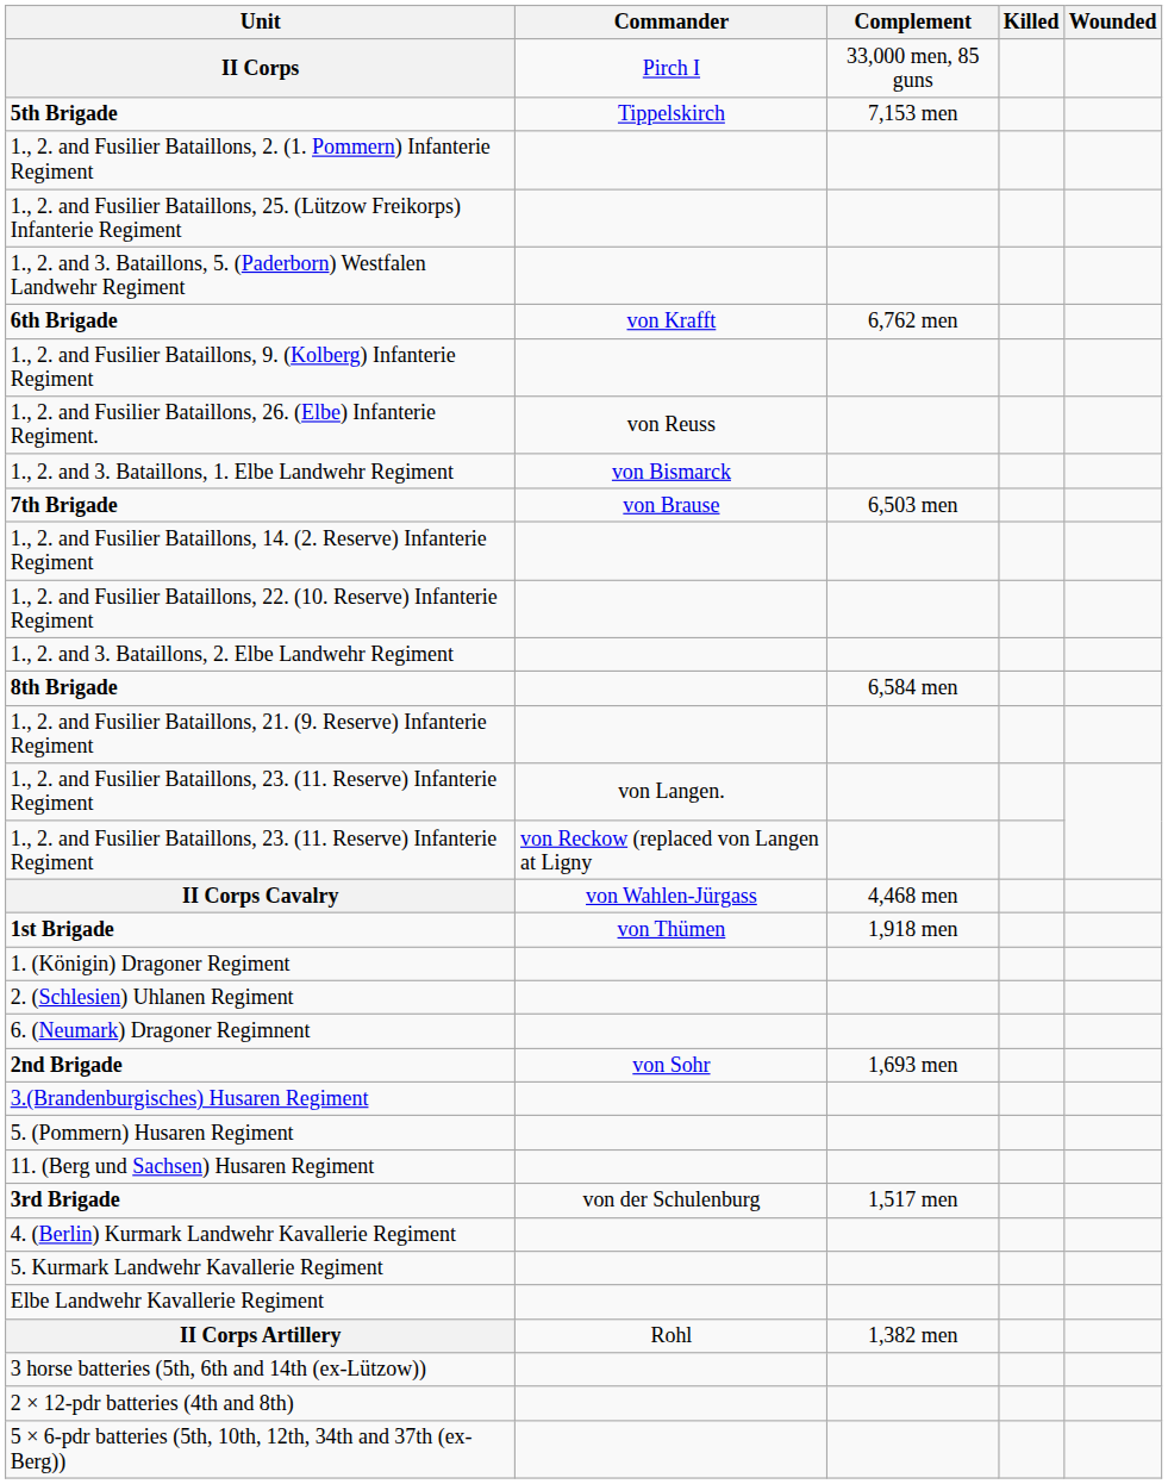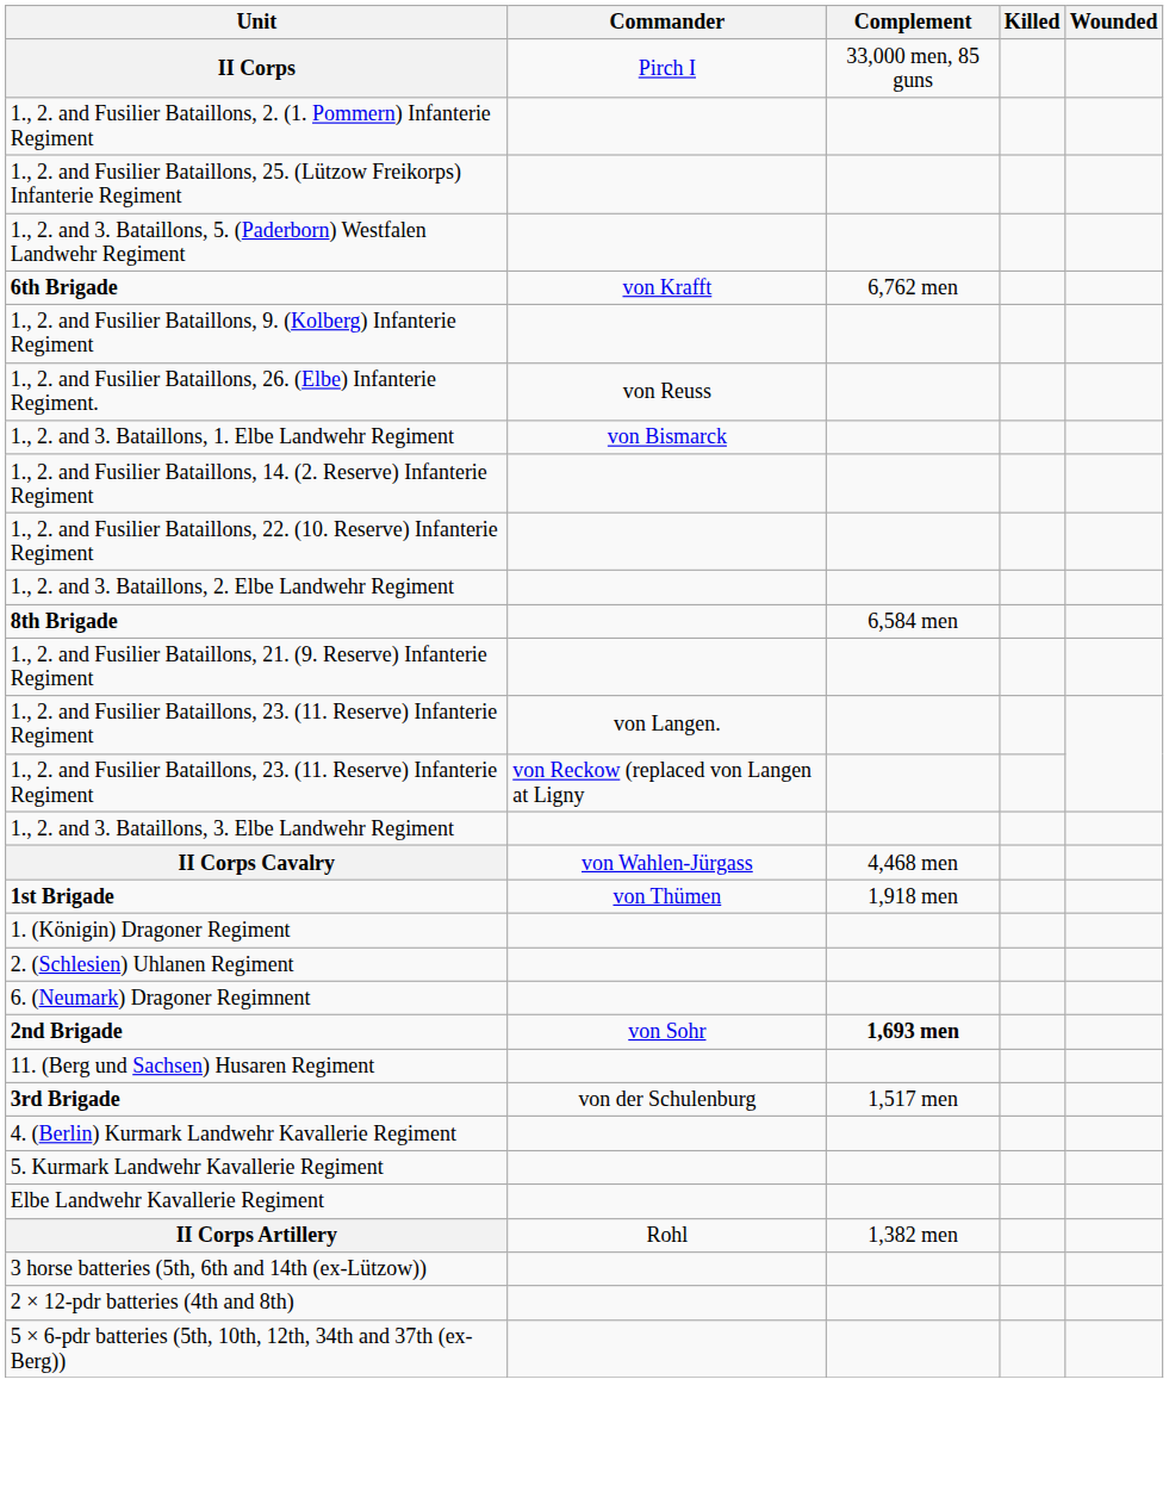 <table class="wikitable">
 <tr>
 <th>Unit</th>
 <th>Commander</th>
 <th>Complement</th>
 <th>Killed</th>
 <th>Wounded</th>
 </tr>
 <tr>
 <th colspan="1" bgcolor="#f9f9f9;">II Corps</th>
 <td align="center"><a href='#'>Pirch I</a></td>
 <td align="center">33,000 men, 85 guns</td>
-<td align="center"></td>
-<td align="center"></td>
-</tr>
-<tr>
-<td><strong>5th Brigade</strong></td>
-<td align="center"><a href='#'>Tippelskirch</a></td>
-<td align="center">7,153 men</td>
 <td align="center"></td>
 <td align="center"></td>
 </tr>
 <tr>
 <td>1., 2. and Fusilier Bataillons, 2. (1. <a href='#'>Pommern</a>) Infanterie Regiment</td>
 <td align="center"></td>
 <td align="center"></td>
 <td align="center"></td>
 <td align="center"></td>
 </tr>
 <tr>
 <td>1., 2. and Fusilier Bataillons, 25. (Lützow Freikorps) Infanterie Regiment</td>
 <td align="center"></td>
 <td align="center"></td>
 <td align="center"></td>
 <td align="center"></td>
 </tr>
 <tr>
 <td>1., 2. and 3. Bataillons, 5. (<a href='#'>Paderborn</a>) Westfalen Landwehr Regiment</td>
 <td align="center"></td>
 <td align="center"></td>
 <td align="center"></td>
 <td align="center"></td>
 </tr>
 <tr>
 <td><strong>6th Brigade</strong></td>
 <td align="center"><a href='#'>von Krafft</a></td>
 <td align="center">6,762 men</td>
 <td align="center"></td>
 <td align="center"></td>
 </tr>
 <tr>
 <td>1., 2. and Fusilier Bataillons, 9. (<a href='#'>Kolberg</a>) Infanterie Regiment</td>
 <td align="center"></td>
 <td align="center"></td>
 <td align="center"></td>
 <td align="center"></td>
 </tr>
 <tr>
 <td>1., 2. and Fusilier Bataillons, 26. (<a href='#'>Elbe</a>) Infanterie Regiment.</td>
 <td align="center">von Reuss</td>
 <td align="center"></td>
 <td align="center"></td>
 <td align="center"></td>
 </tr>
 <tr>
 <td>1., 2. and 3. Bataillons, 1. Elbe Landwehr Regiment</td>
 <td align="center"><a href='#'>von Bismarck</a></td>
 <td align="center"></td>
 <td align="center"></td>
 <td align="center"></td>
 </tr>
 <tr>
-<td><strong>7th Brigade</strong></td>
-<td align="center"><a href='#'>von Brause</a></td>
-<td align="center">6,503 men</td>
-<td align="center"></td>
-<td align="center"></td>
-</tr>
-<tr>
 <td>1., 2. and Fusilier Bataillons, 14. (2. Reserve) Infanterie Regiment</td>
 <td align="center"></td>
 <td align="center"></td>
 <td align="center"></td>
 <td align="center"></td>
 </tr>
 <tr>
 <td>1., 2. and Fusilier Bataillons, 22. (10. Reserve) Infanterie Regiment</td>
 <td align="center"></td>
 <td align="center"></td>
 <td align="center"></td>
 <td align="center"></td>
 </tr>
 <tr>
 <td>1., 2. and 3. Bataillons, 2. Elbe Landwehr Regiment</td>
 <td align="center"></td>
 <td align="center"></td>
 <td align="center"></td>
 <td align="center"></td>
 </tr>
 <tr>
 <td><strong>8th Brigade</strong></td>
 <td align="center"></td>
 <td align="center">6,584 men</td>
 <td align="center"></td>
 <td align="center"></td>
 </tr>
 <tr>
 <td>1., 2. and Fusilier Bataillons, 21. (9. Reserve) Infanterie Regiment</td>
 <td align="center"></td>
 <td align="center"></td>
 <td align="center"></td>
 <td align="center"></td>
 </tr>
 <tr>
 <td>1., 2. and Fusilier Bataillons, 23. (11. Reserve) Infanterie Regiment</td>
 <td align="center">von Langen.</td>
 <td align="center"></td>
 <td align="center"></td>
 </tr>
 <tr>
 <td>1., 2. and Fusilier Bataillons, 23. (11. Reserve) Infanterie Regiment</td>
 <td><a href='#'>von Reckow</a> (replaced von Langen at Ligny</td>
 <td></td>
 <td></td>
 </tr>
 <tr>
+<td>1., 2. and 3. Bataillons, 3. Elbe Landwehr Regiment</td>
+<td align="center"></td>
+<td align="center"></td>
+<td align="center"></td>
+<td align="center"></td>
+</tr>
+<tr>
 <th colspan="1" bgcolor="#f9f9f9;">II Corps Cavalry</th>
 <td align="center"><a href='#'>von Wahlen-Jürgass</a></td>
 <td align="center">4,468 men</td>
 <td align="center"></td>
 <td align="center"></td>
 </tr>
 <tr>
 <td><strong>1st Brigade</strong></td>
 <td align="center"><a href='#'>von Thümen</a></td>
 <td align="center">1,918 men</td>
 <td align="center"></td>
 <td align="center"></td>
 </tr>
 <tr>
 <td>1. (Königin) Dragoner Regiment</td>
 <td align="center"></td>
 <td align="center"></td>
 <td align="center"></td>
 <td align="center"></td>
 </tr>
 <tr>
 <td>2. (<a href='#'>Schlesien</a>) Uhlanen Regiment</td>
 <td align="center"></td>
 <td align="center"></td>
 <td align="center"></td>
 <td align="center"></td>
 </tr>
 <tr>
 <td>6. (<a href='#'>Neumark</a>) Dragoner Regimnent</td>
 <td align="center"></td>
 <td align="center"></td>
 <td align="center"></td>
 <td align="center"></td>
 </tr>
 <tr>
 <td><strong>2nd Brigade</strong></td>
 <td align="center"><a href='#'>von Sohr</a></td>
-<td align="center">1,693 men</td>
-<td align="center"></td>
-<td align="center"></td>
-</tr>
-<tr>
-<td><a href='#'>3.(Brandenburgisches) Husaren Regiment</a></td>
-<td align="center"></td>
-<td align="center"></td>
-<td align="center"></td>
-<td align="center"></td>
-</tr>
-<tr>
-<td>5. (Pommern) Husaren Regiment</td>
-<td align="center"></td>
-<td align="center"></td>
+<td align="center"><strong>1,693 men</strong></td>
 <td align="center"></td>
 <td align="center"></td>
 </tr>
 <tr>
 <td>11. (Berg und <a href='#'>Sachsen</a>) Husaren Regiment</td>
 <td align="center"></td>
 <td align="center"></td>
 <td align="center"></td>
 <td align="center"></td>
 </tr>
 <tr>
 <td><strong>3rd Brigade</strong></td>
 <td align="center">von der Schulenburg</td>
 <td align="center">1,517 men</td>
 <td align="center"></td>
 <td align="center"></td>
 </tr>
 <tr>
 <td>4. (<a href='#'>Berlin</a>) Kurmark Landwehr Kavallerie Regiment</td>
 <td align="center"></td>
 <td align="center"></td>
 <td align="center"></td>
 <td align="center"></td>
 </tr>
 <tr>
 <td>5. Kurmark Landwehr Kavallerie Regiment</td>
 <td align="center"></td>
 <td align="center"></td>
 <td align="center"></td>
 <td align="center"></td>
 </tr>
 <tr>
 <td>Elbe Landwehr Kavallerie Regiment</td>
 <td align="center"></td>
 <td align="center"></td>
 <td align="center"></td>
 <td align="center"></td>
 </tr>
 <tr>
 <th colspan="1" bgcolor="#f9f9f9;">II Corps Artillery</th>
 <td align="center">Rohl</td>
 <td align="center">1,382 men</td>
 <td align="center"></td>
 <td align="center"></td>
 </tr>
 <tr>
 <td>3 horse batteries (5th, 6th and 14th (ex-Lützow))</td>
 <td align="center"></td>
 <td align="center"></td>
 <td align="center"></td>
 <td align="center"></td>
 </tr>
 <tr>
 <td>2 × 12-pdr batteries (4th and 8th)</td>
 <td align="center"></td>
 <td align="center"></td>
 <td align="center"></td>
 <td align="center"></td>
 </tr>
 <tr>
 <td>5 × 6-pdr batteries (5th, 10th, 12th, 34th and 37th (ex-Berg))</td>
 <td align="center"></td>
 <td align="center"></td>
 <td align="center"></td>
 <td align="center"></td>
 </tr>
 </table>
